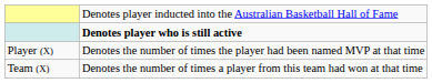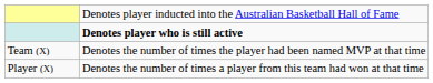 <table class="wikitable floatright">
 <tr>
 <td style="background-color:#FFFF99; border:1px solid #aaaaaa; width:6em"></td>
 <td>Denotes player inducted into the <a href='#'>Australian Basketball Hall of Fame</a></td>
 </tr>
 <tr>
 <td style="background-color:#CFECEC; border:1px solid #aaaaaa; width:6em"></td>
 <td><strong>Denotes player who is still active</strong></td>
 </tr>
 <tr>
-<td>Player <small>(X)</small></td>
+<td>Team <small>(X)</small></td>
 <td>Denotes the number of times the player had been named MVP at that time</td>
 </tr>
 <tr>
-<td>Team <small>(X)</small></td>
+<td>Player <small>(X)</small></td>
 <td>Denotes the number of times a player from this team had won at that time</td>
 </tr>
 </table>
